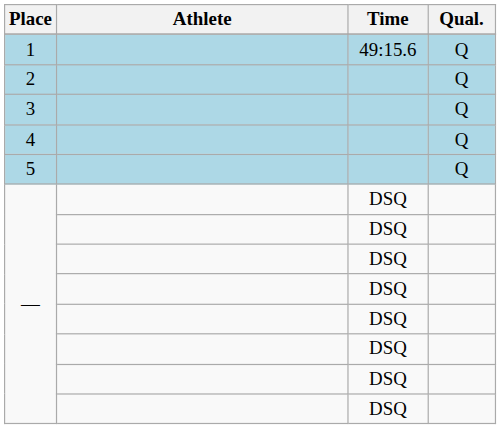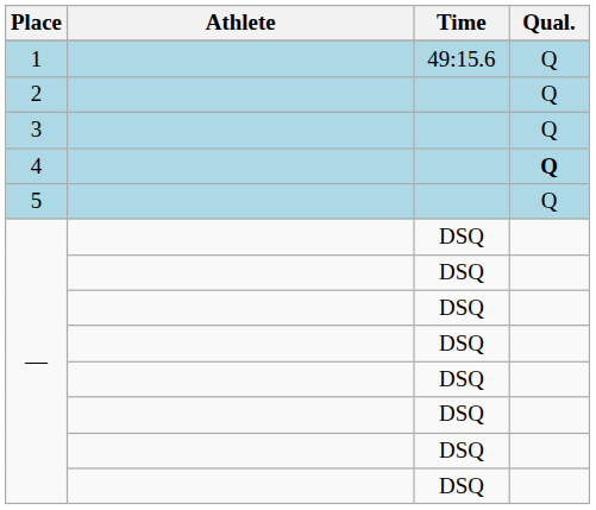 <table class=wikitable style="text-align:center">
 <tr>
 <th width=20>Place</th>
 <th width=240>Athlete</th>
 <th width=60>Time</th>
 <th width=50>Qual.</th>
 </tr>
 <tr>
 </tr>
 <tr bgcolor=lightblue>
 <td>1</td>
 <td align=left></td>
 <td>49:15.6</td>
 <td>Q</td>
 </tr>
 <tr bgcolor=lightblue>
 <td>2</td>
 <td align=left></td>
 <td></td>
 <td>Q</td>
 </tr>
 <tr bgcolor=lightblue>
 <td>3</td>
 <td align=left></td>
 <td></td>
 <td>Q</td>
 </tr>
 <tr bgcolor=lightblue>
 <td>4</td>
 <td align=left></td>
 <td></td>
-<td>Q</td>
+<td><strong>Q</strong></td>
 </tr>
 <tr bgcolor=lightblue>
 <td>5</td>
 <td align=left></td>
 <td></td>
 <td>Q</td>
 </tr>
 <tr>
 <td rowspan=8>—</td>
 <td align=left></td>
 <td>DSQ</td>
 <td></td>
 </tr>
 <tr>
 <td align=left></td>
 <td>DSQ</td>
 <td></td>
 </tr>
 <tr>
 <td align=left></td>
 <td>DSQ</td>
 <td></td>
 </tr>
 <tr>
 <td align=left></td>
 <td>DSQ</td>
 <td></td>
 </tr>
 <tr>
 <td align=left></td>
 <td>DSQ</td>
 <td></td>
 </tr>
 <tr>
 <td align=left></td>
 <td>DSQ</td>
 <td></td>
 </tr>
 <tr>
 <td align=left></td>
 <td>DSQ</td>
 <td></td>
 </tr>
 <tr>
 <td align=left></td>
 <td>DSQ</td>
 <td></td>
 </tr>
 </table>
